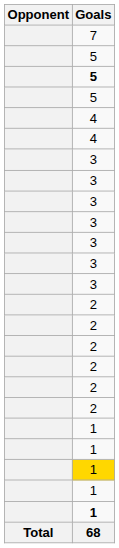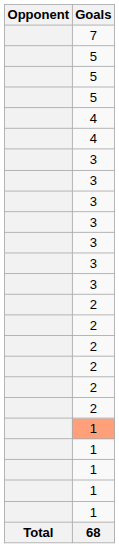 <table class="wikitable plainrowheaders sortable" style="text-align:center; font-size:95%">
 <tr>
 <th scope="col">Opponent</th>
 <th scope="col">Goals</th>
 </tr>
 <tr>
 <th scope="row"></th>
 <td>7</td>
 </tr>
 <tr>
 <th scope="row"></th>
 <td>5</td>
 </tr>
 <tr>
 <th scope="row"></th>
-<td><strong>5</strong></td>
+<td>5</td>
 </tr>
 <tr>
 <th scope="row"></th>
 <td>5</td>
 </tr>
 <tr>
 <th scope="row"></th>
 <td>4</td>
 </tr>
 <tr>
 <th scope="row"></th>
 <td>4</td>
 </tr>
 <tr>
 <th scope="row"></th>
 <td>3</td>
 </tr>
 <tr>
 <th scope="row"></th>
 <td>3</td>
 </tr>
 <tr>
 <th scope="row"></th>
 <td>3</td>
 </tr>
 <tr>
 <th scope="row"></th>
 <td>3</td>
 </tr>
 <tr>
 <th scope="row"></th>
 <td>3</td>
 </tr>
 <tr>
 <th scope="row"></th>
 <td>3</td>
 </tr>
 <tr>
 <th scope="row"></th>
 <td>3</td>
 </tr>
 <tr>
 <th scope="row"></th>
 <td>2</td>
 </tr>
 <tr>
 <th scope="row"></th>
 <td>2</td>
 </tr>
 <tr>
 <th scope="row"></th>
 <td>2</td>
 </tr>
 <tr>
 <th scope="row"></th>
 <td>2</td>
 </tr>
 <tr>
 <th scope="row"></th>
 <td>2</td>
 </tr>
 <tr>
 <th scope="row"></th>
 <td>2</td>
 </tr>
 <tr>
 <th scope="row"></th>
+<td style="background: lightsalmon;">1</td>
+</tr>
+<tr>
+<th scope="row"></th>
 <td>1</td>
 </tr>
 <tr>
 <th scope="row"></th>
 <td>1</td>
 </tr>
 <tr>
 <th scope="row"></th>
-<td style="background: gold;">1</td>
+<td>1</td>
 </tr>
 <tr>
 <th scope="row"></th>
 <td>1</td>
 </tr>
 <tr>
-<th scope="row"></th>
-<td><strong>1</strong></td>
-</tr>
-<tr>
 <th>Total</th>
 <th>68</th>
 </tr>
 </table>
